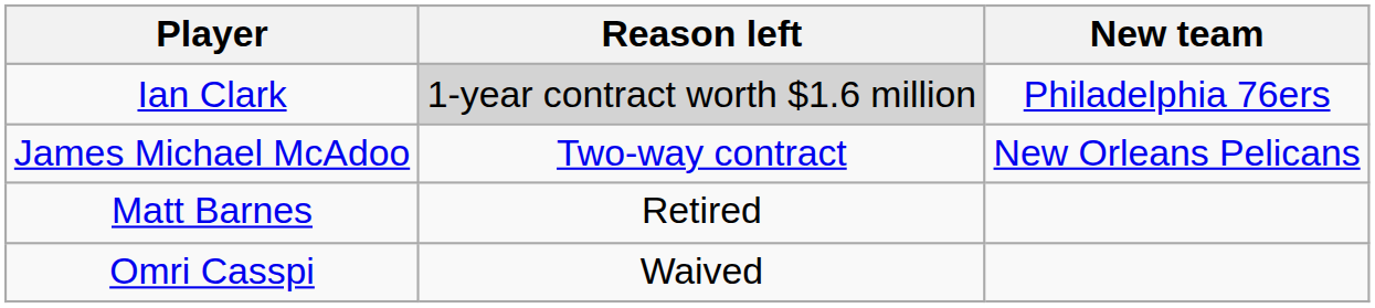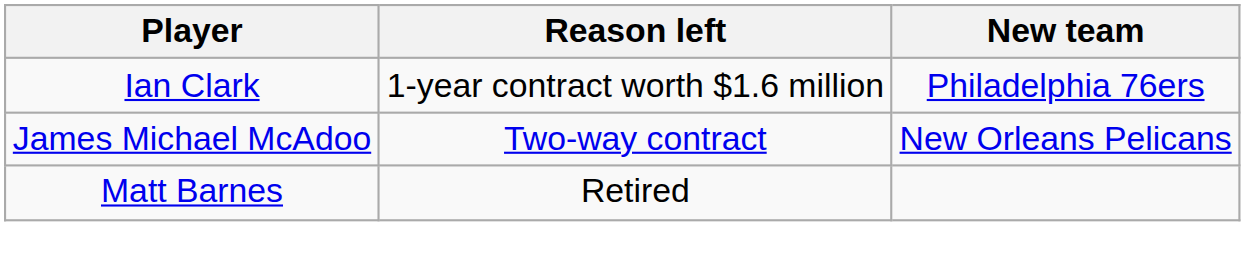 <table class="wikitable sortable sortable" style="text-align: center">
 <tr>
 <th>Player</th>
 <th>Reason left</th>
 <th>New team</th>
 </tr>
 <tr style="text-align: center">
 <td><a href='#'>Ian Clark</a></td>
-<td style="background: lightgrey;">1-year contract worth $1.6 million</td>
+<td>1-year contract worth $1.6 million</td>
 <td><a href='#'>Philadelphia 76ers</a></td>
 </tr>
 <tr style="text-align: center">
 <td><a href='#'>James Michael McAdoo</a></td>
 <td><a href='#'>Two-way contract</a></td>
 <td><a href='#'>New Orleans Pelicans</a></td>
 </tr>
 <tr style="text-align: center">
 <td><a href='#'>Matt Barnes</a></td>
 <td>Retired</td>
 <td></td>
 </tr>
-<tr style="text-align: center">
-<td><a href='#'>Omri Casspi</a></td>
-<td>Waived</td>
-<td></td>
-</tr>
 </table>
